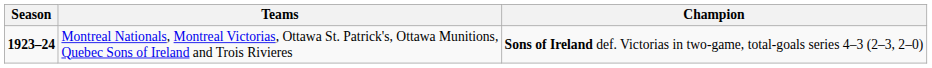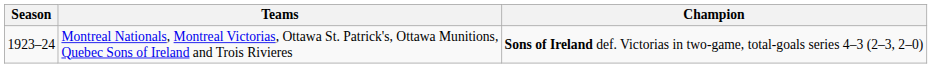 <table class="wikitable">
 <tr>
 <th>Season</th>
 <th>Teams</th>
 <th>Champion</th>
 </tr>
 <tr>
-<td><strong>1923–24</strong></td>
+<td>1923–24</td>
 <td><a href='#'>Montreal Nationals</a>, <a href='#'>Montreal Victorias</a>, Ottawa St. Patrick's, Ottawa Munitions,<br> <a href='#'>Quebec Sons of Ireland</a> and Trois Rivieres</td>
 <td><strong>Sons of Ireland</strong> def. Victorias in two-game, total-goals series 4–3 (2–3, 2–0)</td>
 </tr>
 </table>
